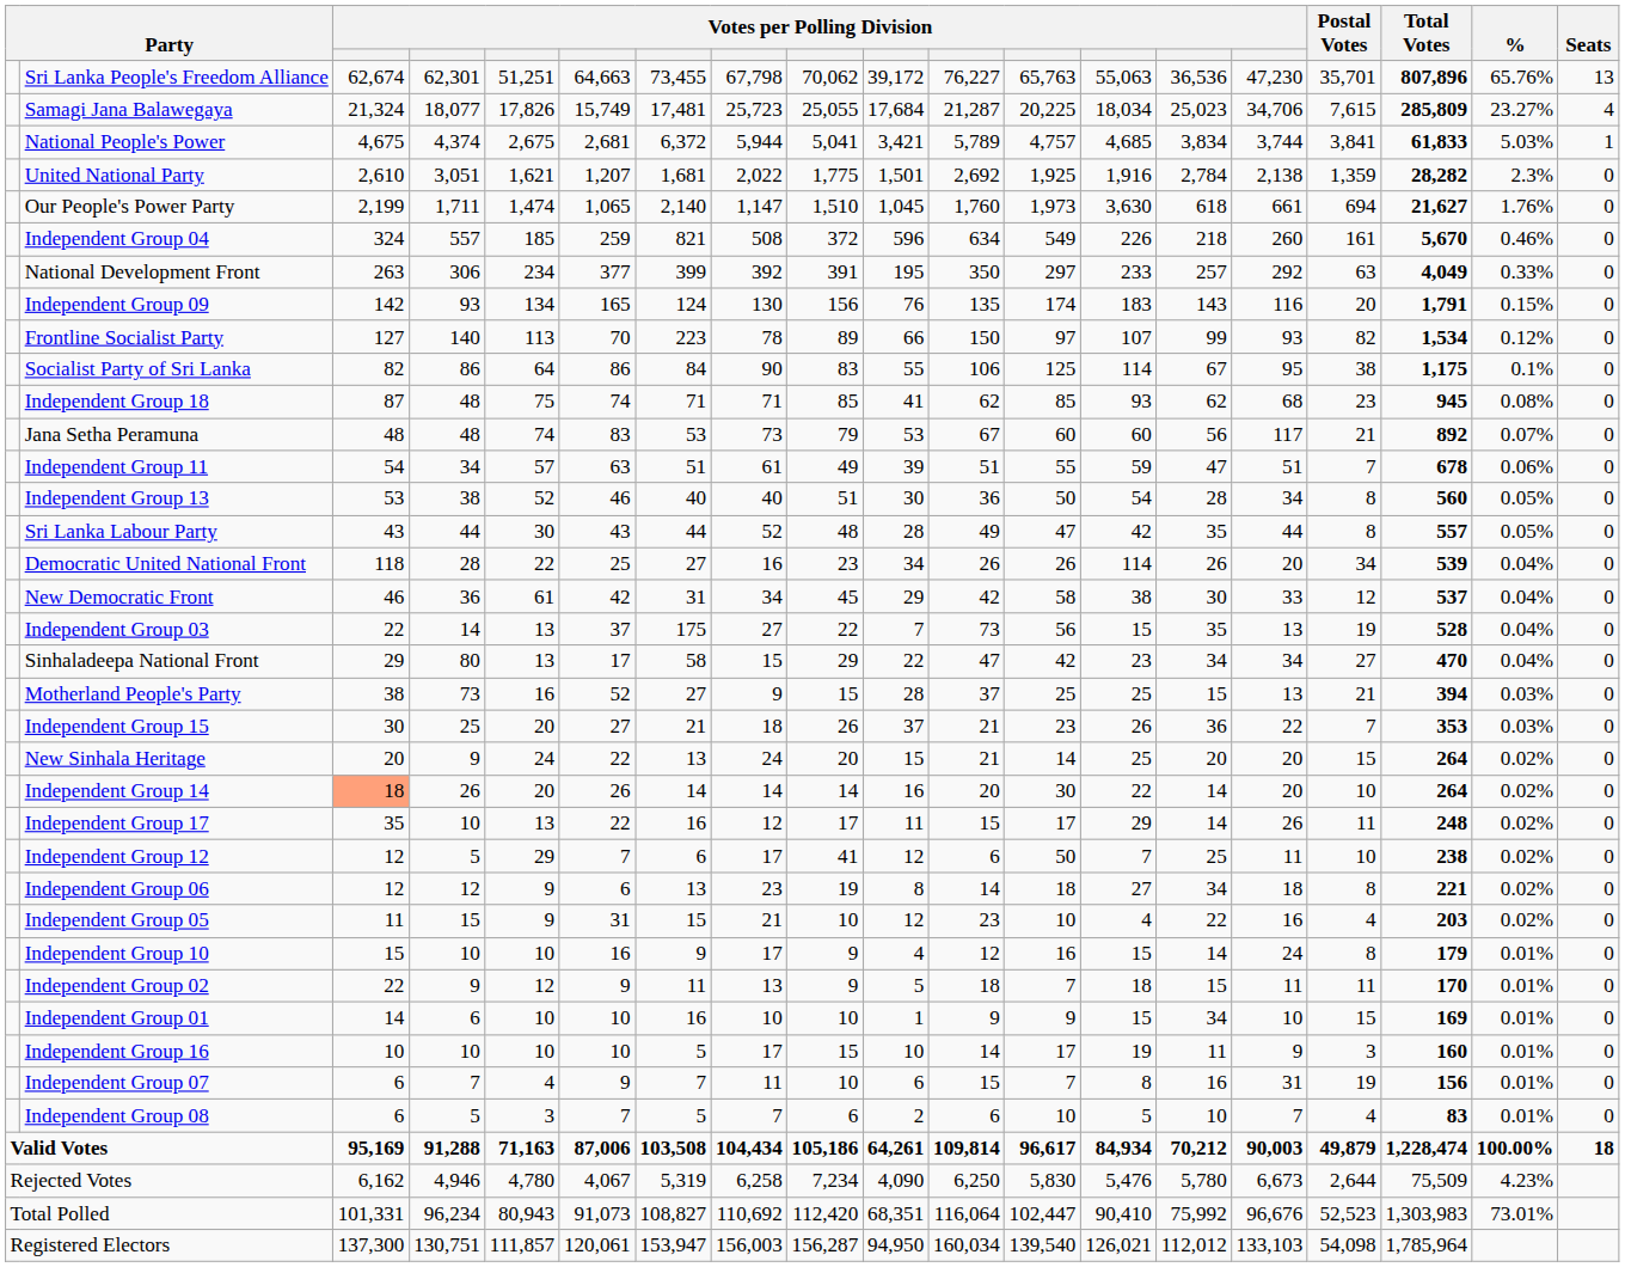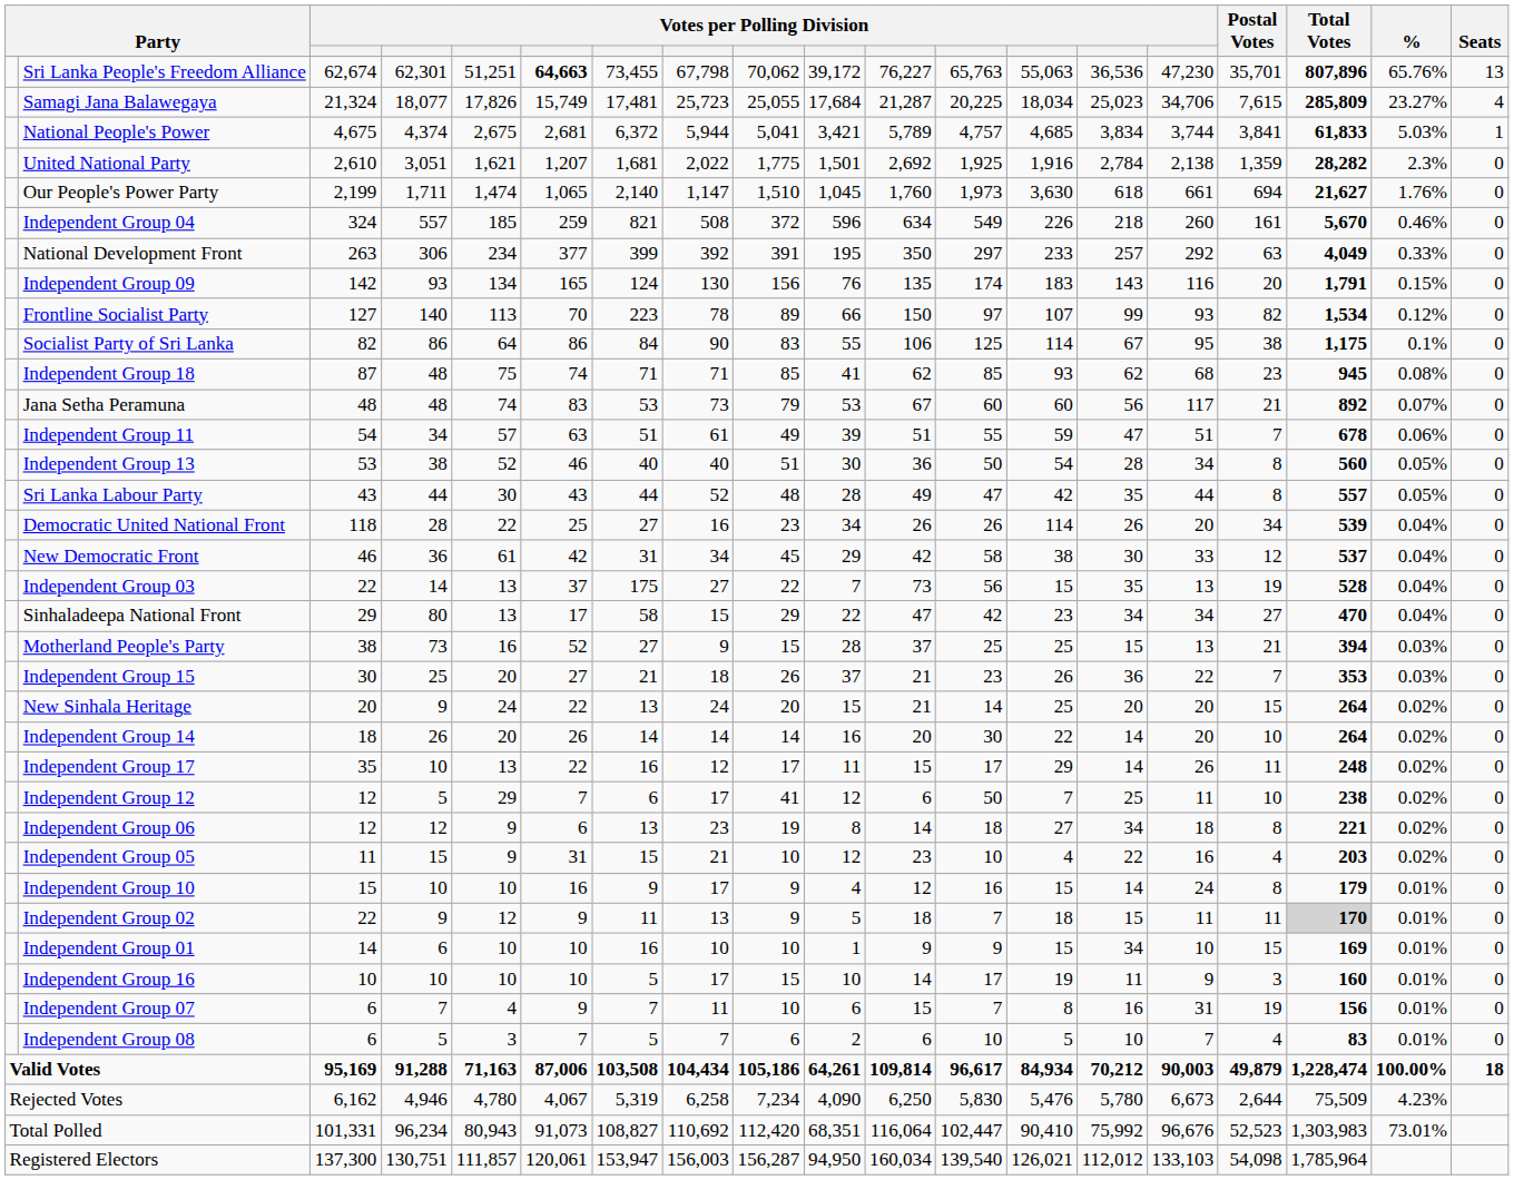 <table class="wikitable" border="1" style="text-align:right;">
 <tr>
 <th align=left valign=bottom rowspan=2 colspan=2>Party</th>
 <th colspan=13>Votes per Polling Division</th>
 <th align=center valign=bottom rowspan=2 width="50">Postal<br>Votes</th>
 <th align=center valign=bottom rowspan=2 width="50">Total Votes</th>
 <th align=center valign=bottom rowspan=2 width="50">%</th>
 <th align=center valign=bottom rowspan=2 width="40">Seats</th>
 </tr>
 <tr>
 <th></th>
 <th></th>
 <th></th>
 <th></th>
 <th></th>
 <th></th>
 <th></th>
 <th></th>
 <th></th>
 <th></th>
 <th></th>
 <th></th>
 <th></th>
 </tr>
 <tr>
 <td bgcolor=> </td>
 <td align=left><a href='#'>Sri Lanka People's Freedom Alliance</a></td>
 <td>62,674</td>
 <td>62,301</td>
 <td>51,251</td>
-<td>64,663</td>
+<td><strong>64,663</strong></td>
 <td>73,455</td>
 <td>67,798</td>
 <td>70,062</td>
 <td>39,172</td>
 <td>76,227</td>
 <td>65,763</td>
 <td>55,063</td>
 <td>36,536</td>
 <td>47,230</td>
 <td>35,701</td>
 <td><strong>807,896</strong></td>
 <td>65.76%</td>
 <td>13</td>
 </tr>
 <tr>
 <td bgcolor=> </td>
 <td align=left><a href='#'>Samagi Jana Balawegaya</a></td>
 <td>21,324</td>
 <td>18,077</td>
 <td>17,826</td>
 <td>15,749</td>
 <td>17,481</td>
 <td>25,723</td>
 <td>25,055</td>
 <td>17,684</td>
 <td>21,287</td>
 <td>20,225</td>
 <td>18,034</td>
 <td>25,023</td>
 <td>34,706</td>
 <td>7,615</td>
 <td><strong>285,809</strong></td>
 <td>23.27%</td>
 <td>4</td>
 </tr>
 <tr>
 <td bgcolor=> </td>
 <td align=left><a href='#'>National People's Power</a></td>
 <td>4,675</td>
 <td>4,374</td>
 <td>2,675</td>
 <td>2,681</td>
 <td>6,372</td>
 <td>5,944</td>
 <td>5,041</td>
 <td>3,421</td>
 <td>5,789</td>
 <td>4,757</td>
 <td>4,685</td>
 <td>3,834</td>
 <td>3,744</td>
 <td>3,841</td>
 <td><strong>61,833</strong></td>
 <td>5.03%</td>
 <td>1</td>
 </tr>
 <tr>
 <td bgcolor=> </td>
 <td align=left><a href='#'>United National Party</a></td>
 <td>2,610</td>
 <td>3,051</td>
 <td>1,621</td>
 <td>1,207</td>
 <td>1,681</td>
 <td>2,022</td>
 <td>1,775</td>
 <td>1,501</td>
 <td>2,692</td>
 <td>1,925</td>
 <td>1,916</td>
 <td>2,784</td>
 <td>2,138</td>
 <td>1,359</td>
 <td><strong>28,282</strong></td>
 <td>2.3%</td>
 <td>0</td>
 </tr>
 <tr>
 <td bgcolor=> </td>
 <td align=left>Our People's Power Party</td>
 <td>2,199</td>
 <td>1,711</td>
 <td>1,474</td>
 <td>1,065</td>
 <td>2,140</td>
 <td>1,147</td>
 <td>1,510</td>
 <td>1,045</td>
 <td>1,760</td>
 <td>1,973</td>
 <td>3,630</td>
 <td>618</td>
 <td>661</td>
 <td>694</td>
 <td><strong>21,627</strong></td>
 <td>1.76%</td>
 <td>0</td>
 </tr>
 <tr>
 <td bgcolor=> </td>
 <td align=left><a href='#'>Independent Group 04</a></td>
 <td>324</td>
 <td>557</td>
 <td>185</td>
 <td>259</td>
 <td>821</td>
 <td>508</td>
 <td>372</td>
 <td>596</td>
 <td>634</td>
 <td>549</td>
 <td>226</td>
 <td>218</td>
 <td>260</td>
 <td>161</td>
 <td><strong>5,670</strong></td>
 <td>0.46%</td>
 <td>0</td>
 </tr>
 <tr>
 <td bgcolor=> </td>
 <td align=left>National Development Front</td>
 <td>263</td>
 <td>306</td>
 <td>234</td>
 <td>377</td>
 <td>399</td>
 <td>392</td>
 <td>391</td>
 <td>195</td>
 <td>350</td>
 <td>297</td>
 <td>233</td>
 <td>257</td>
 <td>292</td>
 <td>63</td>
 <td><strong>4,049</strong></td>
 <td>0.33%</td>
 <td>0</td>
 </tr>
 <tr>
 <td bgcolor=> </td>
 <td align=left><a href='#'>Independent Group 09</a></td>
 <td>142</td>
 <td>93</td>
 <td>134</td>
 <td>165</td>
 <td>124</td>
 <td>130</td>
 <td>156</td>
 <td>76</td>
 <td>135</td>
 <td>174</td>
 <td>183</td>
 <td>143</td>
 <td>116</td>
 <td>20</td>
 <td><strong>1,791</strong></td>
 <td>0.15%</td>
 <td>0</td>
 </tr>
 <tr>
 <td bgcolor=> </td>
 <td align=left><a href='#'>Frontline Socialist Party</a></td>
 <td>127</td>
 <td>140</td>
 <td>113</td>
 <td>70</td>
 <td>223</td>
 <td>78</td>
 <td>89</td>
 <td>66</td>
 <td>150</td>
 <td>97</td>
 <td>107</td>
 <td>99</td>
 <td>93</td>
 <td>82</td>
 <td><strong>1,534</strong></td>
 <td>0.12%</td>
 <td>0</td>
 </tr>
 <tr>
 <td bgcolor=> </td>
 <td align=left><a href='#'>Socialist Party of Sri Lanka</a></td>
 <td>82</td>
 <td>86</td>
 <td>64</td>
 <td>86</td>
 <td>84</td>
 <td>90</td>
 <td>83</td>
 <td>55</td>
 <td>106</td>
 <td>125</td>
 <td>114</td>
 <td>67</td>
 <td>95</td>
 <td>38</td>
 <td><strong>1,175</strong></td>
 <td>0.1%</td>
 <td>0</td>
 </tr>
 <tr>
 <td bgcolor=> </td>
 <td align=left><a href='#'>Independent Group 18</a></td>
 <td>87</td>
 <td>48</td>
 <td>75</td>
 <td>74</td>
 <td>71</td>
 <td>71</td>
 <td>85</td>
 <td>41</td>
 <td>62</td>
 <td>85</td>
 <td>93</td>
 <td>62</td>
 <td>68</td>
 <td>23</td>
 <td><strong>945</strong></td>
 <td>0.08%</td>
 <td>0</td>
 </tr>
 <tr>
 <td bgcolor=> </td>
 <td align=left>Jana Setha Peramuna</td>
 <td>48</td>
 <td>48</td>
 <td>74</td>
 <td>83</td>
 <td>53</td>
 <td>73</td>
 <td>79</td>
 <td>53</td>
 <td>67</td>
 <td>60</td>
 <td>60</td>
 <td>56</td>
 <td>117</td>
 <td>21</td>
 <td><strong>892</strong></td>
 <td>0.07%</td>
 <td>0</td>
 </tr>
 <tr>
 <td bgcolor=> </td>
 <td align=left><a href='#'>Independent Group 11</a></td>
 <td>54</td>
 <td>34</td>
 <td>57</td>
 <td>63</td>
 <td>51</td>
 <td>61</td>
 <td>49</td>
 <td>39</td>
 <td>51</td>
 <td>55</td>
 <td>59</td>
 <td>47</td>
 <td>51</td>
 <td>7</td>
 <td><strong>678</strong></td>
 <td>0.06%</td>
 <td>0</td>
 </tr>
 <tr>
 <td bgcolor=> </td>
 <td align=left><a href='#'>Independent Group 13</a></td>
 <td>53</td>
 <td>38</td>
 <td>52</td>
 <td>46</td>
 <td>40</td>
 <td>40</td>
 <td>51</td>
 <td>30</td>
 <td>36</td>
 <td>50</td>
 <td>54</td>
 <td>28</td>
 <td>34</td>
 <td>8</td>
 <td><strong>560</strong></td>
 <td>0.05%</td>
 <td>0</td>
 </tr>
 <tr>
 <td bgcolor=> </td>
 <td align=left><a href='#'>Sri Lanka Labour Party</a></td>
 <td>43</td>
 <td>44</td>
 <td>30</td>
 <td>43</td>
 <td>44</td>
 <td>52</td>
 <td>48</td>
 <td>28</td>
 <td>49</td>
 <td>47</td>
 <td>42</td>
 <td>35</td>
 <td>44</td>
 <td>8</td>
 <td><strong>557</strong></td>
 <td>0.05%</td>
 <td>0</td>
 </tr>
 <tr>
 <td bgcolor=> </td>
 <td align=left><a href='#'>Democratic United National Front</a></td>
 <td>118</td>
 <td>28</td>
 <td>22</td>
 <td>25</td>
 <td>27</td>
 <td>16</td>
 <td>23</td>
 <td>34</td>
 <td>26</td>
 <td>26</td>
 <td>114</td>
 <td>26</td>
 <td>20</td>
 <td>34</td>
 <td><strong>539</strong></td>
 <td>0.04%</td>
 <td>0</td>
 </tr>
 <tr>
 <td bgcolor=> </td>
 <td align=left><a href='#'>New Democratic Front</a></td>
 <td>46</td>
 <td>36</td>
 <td>61</td>
 <td>42</td>
 <td>31</td>
 <td>34</td>
 <td>45</td>
 <td>29</td>
 <td>42</td>
 <td>58</td>
 <td>38</td>
 <td>30</td>
 <td>33</td>
 <td>12</td>
 <td><strong>537</strong></td>
 <td>0.04%</td>
 <td>0</td>
 </tr>
 <tr>
 <td bgcolor=> </td>
 <td align=left><a href='#'>Independent Group 03</a></td>
 <td>22</td>
 <td>14</td>
 <td>13</td>
 <td>37</td>
 <td>175</td>
 <td>27</td>
 <td>22</td>
 <td>7</td>
 <td>73</td>
 <td>56</td>
 <td>15</td>
 <td>35</td>
 <td>13</td>
 <td>19</td>
 <td><strong>528</strong></td>
 <td>0.04%</td>
 <td>0</td>
 </tr>
 <tr>
 <td bgcolor=> </td>
 <td align=left>Sinhaladeepa National Front</td>
 <td>29</td>
 <td>80</td>
 <td>13</td>
 <td>17</td>
 <td>58</td>
 <td>15</td>
 <td>29</td>
 <td>22</td>
 <td>47</td>
 <td>42</td>
 <td>23</td>
 <td>34</td>
 <td>34</td>
 <td>27</td>
 <td><strong>470</strong></td>
 <td>0.04%</td>
 <td>0</td>
 </tr>
 <tr>
 <td bgcolor=> </td>
 <td align=left><a href='#'>Motherland People's Party</a></td>
 <td>38</td>
 <td>73</td>
 <td>16</td>
 <td>52</td>
 <td>27</td>
 <td>9</td>
 <td>15</td>
 <td>28</td>
 <td>37</td>
 <td>25</td>
 <td>25</td>
 <td>15</td>
 <td>13</td>
 <td>21</td>
 <td><strong>394</strong></td>
 <td>0.03%</td>
 <td>0</td>
 </tr>
 <tr>
 <td bgcolor=> </td>
 <td align=left><a href='#'>Independent Group 15</a></td>
 <td>30</td>
 <td>25</td>
 <td>20</td>
 <td>27</td>
 <td>21</td>
 <td>18</td>
 <td>26</td>
 <td>37</td>
 <td>21</td>
 <td>23</td>
 <td>26</td>
 <td>36</td>
 <td>22</td>
 <td>7</td>
 <td><strong>353</strong></td>
 <td>0.03%</td>
 <td>0</td>
 </tr>
 <tr>
 <td bgcolor=> </td>
 <td align=left><a href='#'>New Sinhala Heritage</a></td>
 <td>20</td>
 <td>9</td>
 <td>24</td>
 <td>22</td>
 <td>13</td>
 <td>24</td>
 <td>20</td>
 <td>15</td>
 <td>21</td>
 <td>14</td>
 <td>25</td>
 <td>20</td>
 <td>20</td>
 <td>15</td>
 <td><strong>264</strong></td>
 <td>0.02%</td>
 <td>0</td>
 </tr>
 <tr>
 <td bgcolor=> </td>
 <td align=left><a href='#'>Independent Group 14</a></td>
-<td style="background: lightsalmon;">18</td>
+<td>18</td>
 <td>26</td>
 <td>20</td>
 <td>26</td>
 <td>14</td>
 <td>14</td>
 <td>14</td>
 <td>16</td>
 <td>20</td>
 <td>30</td>
 <td>22</td>
 <td>14</td>
 <td>20</td>
 <td>10</td>
 <td><strong>264</strong></td>
 <td>0.02%</td>
 <td>0</td>
 </tr>
 <tr>
 <td bgcolor=> </td>
 <td align=left><a href='#'>Independent Group 17</a></td>
 <td>35</td>
 <td>10</td>
 <td>13</td>
 <td>22</td>
 <td>16</td>
 <td>12</td>
 <td>17</td>
 <td>11</td>
 <td>15</td>
 <td>17</td>
 <td>29</td>
 <td>14</td>
 <td>26</td>
 <td>11</td>
 <td><strong>248</strong></td>
 <td>0.02%</td>
 <td>0</td>
 </tr>
 <tr>
 <td bgcolor=> </td>
 <td align=left><a href='#'>Independent Group 12</a></td>
 <td>12</td>
 <td>5</td>
 <td>29</td>
 <td>7</td>
 <td>6</td>
 <td>17</td>
 <td>41</td>
 <td>12</td>
 <td>6</td>
 <td>50</td>
 <td>7</td>
 <td>25</td>
 <td>11</td>
 <td>10</td>
 <td><strong>238</strong></td>
 <td>0.02%</td>
 <td>0</td>
 </tr>
 <tr>
 <td bgcolor=> </td>
 <td align=left><a href='#'>Independent Group 06</a></td>
 <td>12</td>
 <td>12</td>
 <td>9</td>
 <td>6</td>
 <td>13</td>
 <td>23</td>
 <td>19</td>
 <td>8</td>
 <td>14</td>
 <td>18</td>
 <td>27</td>
 <td>34</td>
 <td>18</td>
 <td>8</td>
 <td><strong>221</strong></td>
 <td>0.02%</td>
 <td>0</td>
 </tr>
 <tr>
 <td bgcolor=> </td>
 <td align=left><a href='#'>Independent Group 05</a></td>
 <td>11</td>
 <td>15</td>
 <td>9</td>
 <td>31</td>
 <td>15</td>
 <td>21</td>
 <td>10</td>
 <td>12</td>
 <td>23</td>
 <td>10</td>
 <td>4</td>
 <td>22</td>
 <td>16</td>
 <td>4</td>
 <td><strong>203</strong></td>
 <td>0.02%</td>
 <td>0</td>
 </tr>
 <tr>
 <td bgcolor=> </td>
 <td align=left><a href='#'>Independent Group 10</a></td>
 <td>15</td>
 <td>10</td>
 <td>10</td>
 <td>16</td>
 <td>9</td>
 <td>17</td>
 <td>9</td>
 <td>4</td>
 <td>12</td>
 <td>16</td>
 <td>15</td>
 <td>14</td>
 <td>24</td>
 <td>8</td>
 <td><strong>179</strong></td>
 <td>0.01%</td>
 <td>0</td>
 </tr>
 <tr>
 <td bgcolor=> </td>
 <td align=left><a href='#'>Independent Group 02</a></td>
 <td>22</td>
 <td>9</td>
 <td>12</td>
 <td>9</td>
 <td>11</td>
 <td>13</td>
 <td>9</td>
 <td>5</td>
 <td>18</td>
 <td>7</td>
 <td>18</td>
 <td>15</td>
 <td>11</td>
 <td>11</td>
-<td><strong>170</strong></td>
+<td style="background: lightgrey;"><strong>170</strong></td>
 <td>0.01%</td>
 <td>0</td>
 </tr>
 <tr>
 <td bgcolor=> </td>
 <td align=left><a href='#'>Independent Group 01</a></td>
 <td>14</td>
 <td>6</td>
 <td>10</td>
 <td>10</td>
 <td>16</td>
 <td>10</td>
 <td>10</td>
 <td>1</td>
 <td>9</td>
 <td>9</td>
 <td>15</td>
 <td>34</td>
 <td>10</td>
 <td>15</td>
 <td><strong>169</strong></td>
 <td>0.01%</td>
 <td>0</td>
 </tr>
 <tr>
 <td bgcolor=> </td>
 <td align=left><a href='#'>Independent Group 16</a></td>
 <td>10</td>
 <td>10</td>
 <td>10</td>
 <td>10</td>
 <td>5</td>
 <td>17</td>
 <td>15</td>
 <td>10</td>
 <td>14</td>
 <td>17</td>
 <td>19</td>
 <td>11</td>
 <td>9</td>
 <td>3</td>
 <td><strong>160</strong></td>
 <td>0.01%</td>
 <td>0</td>
 </tr>
 <tr>
 <td bgcolor=> </td>
 <td align=left><a href='#'>Independent Group 07</a></td>
 <td>6</td>
 <td>7</td>
 <td>4</td>
 <td>9</td>
 <td>7</td>
 <td>11</td>
 <td>10</td>
 <td>6</td>
 <td>15</td>
 <td>7</td>
 <td>8</td>
 <td>16</td>
 <td>31</td>
 <td>19</td>
 <td><strong>156</strong></td>
 <td>0.01%</td>
 <td>0</td>
 </tr>
 <tr>
 <td bgcolor=> </td>
 <td align=left><a href='#'>Independent Group 08</a></td>
 <td>6</td>
 <td>5</td>
 <td>3</td>
 <td>7</td>
 <td>5</td>
 <td>7</td>
 <td>6</td>
 <td>2</td>
 <td>6</td>
 <td>10</td>
 <td>5</td>
 <td>10</td>
 <td>7</td>
 <td>4</td>
 <td><strong>83</strong></td>
 <td>0.01%</td>
 <td>0</td>
 </tr>
 <tr>
 <td align=left colspan=2><strong>Valid Votes</strong></td>
 <td><strong>95,169</strong></td>
 <td><strong>91,288</strong></td>
 <td><strong>71,163</strong></td>
 <td><strong>87,006</strong></td>
 <td><strong>103,508</strong></td>
 <td><strong>104,434</strong></td>
 <td><strong>105,186</strong></td>
 <td><strong>64,261</strong></td>
 <td><strong>109,814</strong></td>
 <td><strong>96,617</strong></td>
 <td><strong>84,934</strong></td>
 <td><strong>70,212</strong></td>
 <td><strong>90,003</strong></td>
 <td><strong>49,879</strong></td>
 <td><strong>1,228,474</strong></td>
 <td><strong>100.00%</strong></td>
 <td><strong>18</strong></td>
 </tr>
 <tr>
 <td align=left colspan=2>Rejected Votes</td>
 <td>6,162</td>
 <td>4,946</td>
 <td>4,780</td>
 <td>4,067</td>
 <td>5,319</td>
 <td>6,258</td>
 <td>7,234</td>
 <td>4,090</td>
 <td>6,250</td>
 <td>5,830</td>
 <td>5,476</td>
 <td>5,780</td>
 <td>6,673</td>
 <td>2,644</td>
 <td>75,509</td>
 <td>4.23%</td>
 <td></td>
 </tr>
 <tr>
 <td align=left colspan=2>Total Polled</td>
 <td>101,331</td>
 <td>96,234</td>
 <td>80,943</td>
 <td>91,073</td>
 <td>108,827</td>
 <td>110,692</td>
 <td>112,420</td>
 <td>68,351</td>
 <td>116,064</td>
 <td>102,447</td>
 <td>90,410</td>
 <td>75,992</td>
 <td>96,676</td>
 <td>52,523</td>
 <td>1,303,983</td>
 <td>73.01%</td>
 <td></td>
 </tr>
 <tr>
 <td align=left colspan=2>Registered Electors</td>
 <td>137,300</td>
 <td>130,751</td>
 <td>111,857</td>
 <td>120,061</td>
 <td>153,947</td>
 <td>156,003</td>
 <td>156,287</td>
 <td>94,950</td>
 <td>160,034</td>
 <td>139,540</td>
 <td>126,021</td>
 <td>112,012</td>
 <td>133,103</td>
 <td>54,098</td>
 <td>1,785,964</td>
 <td></td>
 <td></td>
 </tr>
 </table>
